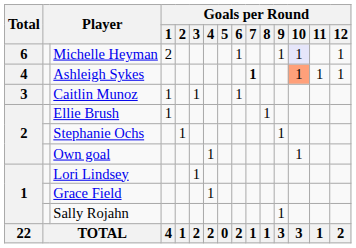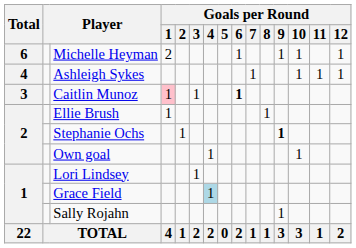 <table class="wikitable" style="text-align:center; line-height: 90%; font-size:90%;">
 <tr>
 <th rowspan="2">Total</th>
 <th rowspan="2" colspan="2">Player</th>
 <th colspan="12">Goals per Round</th>
 </tr>
 <tr>
 <th>1</th>
 <th>2</th>
 <th>3</th>
 <th>4</th>
 <th>5</th>
 <th>6</th>
 <th>7</th>
 <th>8</th>
 <th>9</th>
 <th>10</th>
 <th>11</th>
 <th>12</th>
 </tr>
 <tr>
 <th rowspan="1">6</th>
 <td></td>
 <td style="text-align:left;"><a href='#'>Michelle Heyman</a></td>
 <td>2</td>
 <td></td>
 <td></td>
 <td></td>
 <td></td>
 <td>1</td>
 <td></td>
 <td></td>
 <td>1</td>
-<td style="background: lavender;">1</td>
+<td>1</td>
 <td></td>
 <td>1</td>
 </tr>
 <tr>
 <th rowspan="1">4</th>
 <td></td>
 <td style="text-align:left;"><a href='#'>Ashleigh Sykes</a></td>
 <td></td>
 <td></td>
 <td></td>
 <td></td>
 <td></td>
 <td></td>
-<td><strong>1</strong></td>
+<td>1</td>
 <td></td>
 <td></td>
-<td style="background: lightsalmon;">1</td>
+<td>1</td>
 <td>1</td>
 <td>1</td>
 </tr>
 <tr>
 <th rowspan="1">3</th>
 <td></td>
 <td style="text-align:left;"><a href='#'>Caitlin Munoz</a></td>
-<td>1</td>
+<td style="background: pink;">1</td>
 <td></td>
 <td>1</td>
 <td></td>
 <td></td>
-<td>1</td>
+<td><strong>1</strong></td>
 <td></td>
 <td></td>
 <td></td>
 <td></td>
 <td></td>
 <td></td>
 </tr>
 <tr>
 <th rowspan="3">2</th>
 <td></td>
 <td style="text-align:left;"><a href='#'>Ellie Brush</a></td>
 <td>1</td>
 <td></td>
 <td></td>
 <td></td>
 <td></td>
 <td></td>
 <td></td>
 <td>1</td>
 <td></td>
 <td></td>
 <td></td>
 <td></td>
 </tr>
 <tr>
 <td></td>
 <td style="text-align:left;"><a href='#'>Stephanie Ochs</a></td>
 <td></td>
 <td>1</td>
 <td></td>
 <td></td>
 <td></td>
 <td></td>
 <td></td>
 <td></td>
-<td>1</td>
+<td><strong>1</strong></td>
 <td></td>
 <td></td>
 <td></td>
 </tr>
 <tr>
 <td></td>
 <td style="text-align:left;"><a href='#'>Own goal</a></td>
 <td></td>
 <td></td>
 <td></td>
 <td>1</td>
 <td></td>
 <td></td>
 <td></td>
 <td></td>
 <td></td>
 <td>1</td>
 <td></td>
 <td></td>
 </tr>
 <tr>
 <th rowspan="3">1</th>
 <td></td>
 <td style="text-align:left;"><a href='#'>Lori Lindsey</a></td>
 <td></td>
 <td></td>
 <td>1</td>
 <td></td>
 <td></td>
 <td></td>
 <td></td>
 <td></td>
 <td></td>
 <td></td>
 <td></td>
 <td></td>
 </tr>
 <tr>
 <td></td>
 <td style="text-align:left;"><a href='#'>Grace Field</a></td>
 <td></td>
 <td></td>
 <td></td>
-<td>1</td>
+<td style="background: lightblue;">1</td>
 <td></td>
 <td></td>
 <td></td>
 <td></td>
 <td></td>
 <td></td>
 <td></td>
 <td></td>
 </tr>
 <tr>
 <td></td>
 <td style="text-align:left;">Sally Rojahn</td>
 <td></td>
 <td></td>
 <td></td>
 <td></td>
 <td></td>
 <td></td>
 <td></td>
 <td></td>
 <td>1</td>
 <td></td>
 <td></td>
 <td></td>
 </tr>
 <tr>
 <th rowspan="1">22</th>
 <th colspan="2">TOTAL</th>
 <th style="text-align:center;">4</th>
 <th>1</th>
 <th>2</th>
 <th>2</th>
 <th>0</th>
 <th>2</th>
 <th>1</th>
 <th>1</th>
 <th>3</th>
 <th>3</th>
 <th>1</th>
 <th>2</th>
 </tr>
 </table>
